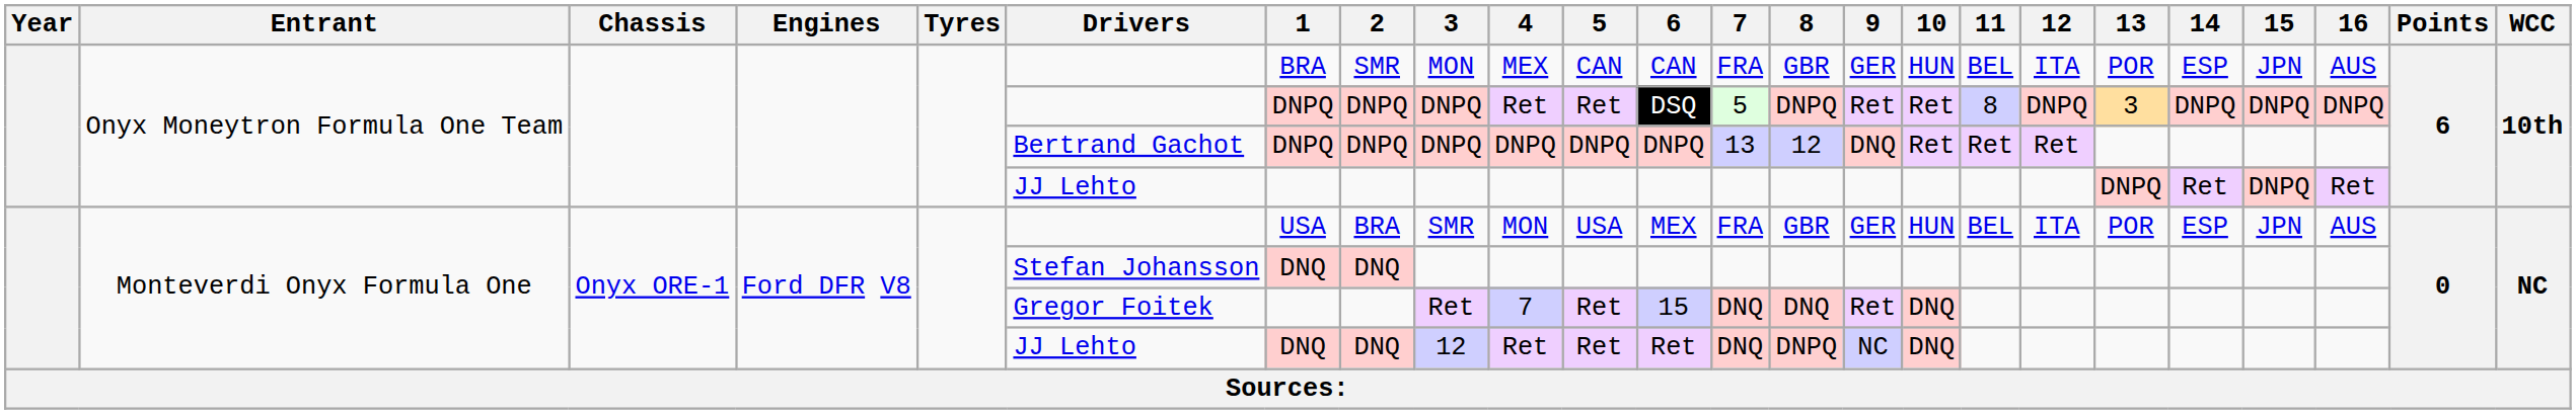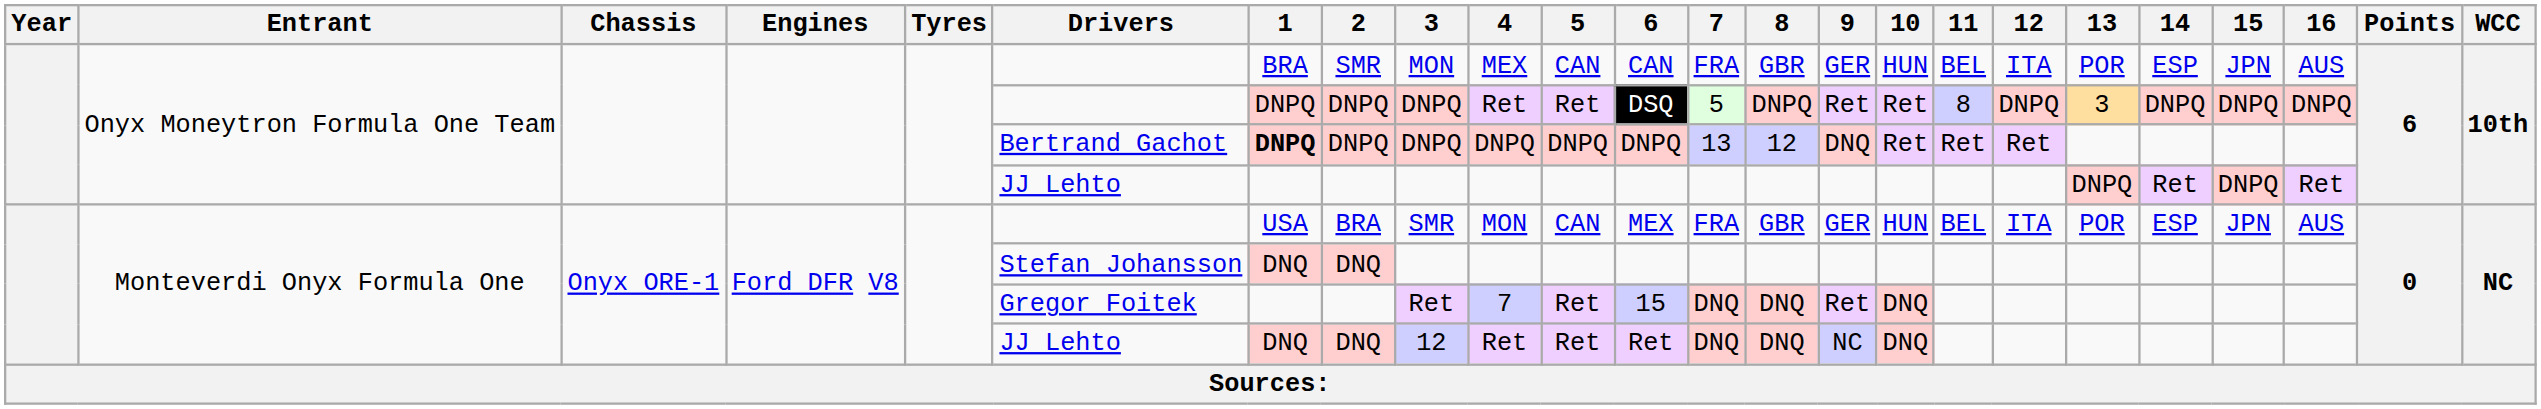 <table class="wikitable" style="text-align:center; font-size:85%">
 <tr>
 <th>Year</th>
 <th>Entrant</th>
 <th>Chassis</th>
 <th>Engines</th>
 <th>Tyres</th>
 <th>Drivers</th>
 <th>1</th>
 <th>2</th>
 <th>3</th>
 <th>4</th>
 <th>5</th>
 <th>6</th>
 <th>7</th>
 <th>8</th>
 <th>9</th>
 <th>10</th>
 <th>11</th>
 <th>12</th>
 <th>13</th>
 <th>14</th>
 <th>15</th>
 <th>16</th>
 <th>Points</th>
 <th>WCC</th>
 </tr>
 <tr>
 <th rowspan="4"></th>
 <td rowspan="4">Onyx Moneytron Formula One Team</td>
 <td rowspan="4"></td>
 <td rowspan="4"></td>
 <td rowspan="4"></td>
 <td></td>
 <td><a href='#'>BRA</a></td>
 <td><a href='#'>SMR</a></td>
 <td><a href='#'>MON</a></td>
 <td><a href='#'>MEX</a></td>
 <td><a href='#'>CAN</a></td>
 <td><a href='#'>CAN</a></td>
 <td><a href='#'>FRA</a></td>
 <td><a href='#'>GBR</a></td>
 <td><a href='#'>GER</a></td>
 <td><a href='#'>HUN</a></td>
 <td><a href='#'>BEL</a></td>
 <td><a href='#'>ITA</a></td>
 <td><a href='#'>POR</a></td>
 <td><a href='#'>ESP</a></td>
 <td><a href='#'>JPN</a></td>
 <td><a href='#'>AUS</a></td>
 <th rowspan="4">6</th>
 <th rowspan="4">10th</th>
 </tr>
 <tr>
 <td align="left"></td>
 <td style="background:#FFCFCF;">DNPQ</td>
 <td style="background:#FFCFCF;">DNPQ</td>
 <td style="background:#FFCFCF;">DNPQ</td>
 <td style="background:#EFCFFF;">Ret</td>
 <td style="background:#EFCFFF;">Ret</td>
 <td style="background:#000000; color:white">DSQ</td>
 <td style="background:#DFFFDF;">5</td>
 <td style="background:#FFCFCF;">DNPQ</td>
 <td style="background:#EFCFFF;">Ret</td>
 <td style="background:#EFCFFF;">Ret</td>
 <td style="background:#CFCFFF;">8</td>
 <td style="background:#FFCFCF;">DNPQ</td>
 <td style="background:#FFDF9F;">3</td>
 <td style="background:#FFCFCF;">DNPQ</td>
 <td style="background:#FFCFCF;">DNPQ</td>
 <td style="background:#FFCFCF;">DNPQ</td>
 </tr>
 <tr>
 <td align="left"> <a href='#'>Bertrand Gachot</a></td>
-<td style="background:#FFCFCF;">DNPQ</td>
+<td style="background:#FFCFCF;"><strong>DNPQ</strong></td>
 <td style="background:#FFCFCF;">DNPQ</td>
 <td style="background:#FFCFCF;">DNPQ</td>
 <td style="background:#FFCFCF;">DNPQ</td>
 <td style="background:#FFCFCF;">DNPQ</td>
 <td style="background:#FFCFCF;">DNPQ</td>
 <td style="background:#CFCFFF;">13</td>
 <td style="background:#CFCFFF;">12</td>
 <td style="background:#FFCFCF;">DNQ</td>
 <td style="background:#EFCFFF;">Ret</td>
 <td style="background:#EFCFFF;">Ret</td>
 <td style="background:#EFCFFF;">Ret</td>
 <td></td>
 <td></td>
 <td></td>
 <td></td>
 </tr>
 <tr>
 <td align="left"> <a href='#'>JJ Lehto</a></td>
 <td></td>
 <td></td>
 <td></td>
 <td></td>
 <td></td>
 <td></td>
 <td></td>
 <td></td>
 <td></td>
 <td></td>
 <td></td>
 <td></td>
 <td style="background:#FFCFCF;">DNPQ</td>
 <td style="background:#EFCFFF;">Ret</td>
 <td style="background:#FFCFCF;">DNPQ</td>
 <td style="background:#EFCFFF;">Ret</td>
 </tr>
 <tr>
 <th rowspan="4"></th>
 <td rowspan="4">Monteverdi Onyx Formula One</td>
 <td rowspan="4"><a href='#'>Onyx ORE-1</a><br></td>
 <td rowspan="4"><a href='#'>Ford DFR</a> <a href='#'>V8</a></td>
 <td rowspan="4"></td>
 <td></td>
 <td><a href='#'>USA</a></td>
 <td><a href='#'>BRA</a></td>
 <td><a href='#'>SMR</a></td>
 <td><a href='#'>MON</a></td>
-<td><a href='#'>USA</a></td>
+<td><a href='#'>CAN</a></td>
 <td><a href='#'>MEX</a></td>
 <td><a href='#'>FRA</a></td>
 <td><a href='#'>GBR</a></td>
 <td><a href='#'>GER</a></td>
 <td><a href='#'>HUN</a></td>
 <td><a href='#'>BEL</a></td>
 <td><a href='#'>ITA</a></td>
 <td><a href='#'>POR</a></td>
 <td><a href='#'>ESP</a></td>
 <td><a href='#'>JPN</a></td>
 <td><a href='#'>AUS</a></td>
 <th rowspan="4">0</th>
 <th rowspan="4">NC</th>
 </tr>
 <tr>
 <td align="left"> <a href='#'>Stefan Johansson</a></td>
 <td style="background:#FFCFCF;">DNQ</td>
 <td style="background:#FFCFCF;">DNQ</td>
 <td></td>
 <td></td>
 <td></td>
 <td></td>
 <td></td>
 <td></td>
 <td></td>
 <td></td>
 <td></td>
 <td></td>
 <td></td>
 <td></td>
 <td></td>
 <td></td>
 </tr>
 <tr>
 <td align="left"> <a href='#'>Gregor Foitek</a></td>
 <td></td>
 <td></td>
 <td style="background:#EFCFFF;">Ret</td>
 <td style="background:#CFCFFF;">7</td>
 <td style="background:#EFCFFF;">Ret</td>
 <td style="background:#CFCFFF;">15</td>
 <td style="background:#FFCFCF;">DNQ</td>
 <td style="background:#FFCFCF;">DNQ</td>
 <td style="background:#EFCFFF;">Ret</td>
 <td style="background:#FFCFCF;">DNQ</td>
 <td></td>
 <td></td>
 <td></td>
 <td></td>
 <td></td>
 <td></td>
 </tr>
 <tr>
 <td align="left"> <a href='#'>JJ Lehto</a></td>
 <td style="background:#FFCFCF;">DNQ</td>
 <td style="background:#FFCFCF;">DNQ</td>
 <td style="background:#CFCFFF;">12</td>
 <td style="background:#EFCFFF;">Ret</td>
 <td style="background:#EFCFFF;">Ret</td>
 <td style="background:#EFCFFF;">Ret</td>
 <td style="background:#FFCFCF;">DNQ</td>
-<td style="background:#FFCFCF;">DNPQ</td>
+<td style="background:#FFCFCF;">DNQ</td>
 <td style="background:#CFCFFF;">NC</td>
 <td style="background:#FFCFCF;">DNQ</td>
 <td></td>
 <td></td>
 <td></td>
 <td></td>
 <td></td>
 <td></td>
 </tr>
 <tr>
 <th colspan="24">Sources:</th>
 </tr>
 </table>
